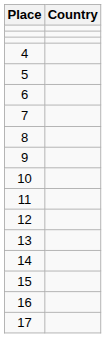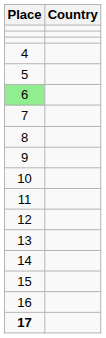 <table class="wikitable" style="font-size:95%;">
 <tr>
 <th>Place</th>
 <th>Country</th>
 </tr>
 <tr>
 <td align="center"></td>
 <td></td>
 </tr>
 <tr>
 <td align="center"></td>
 <td></td>
 </tr>
 <tr>
 <td align="center"></td>
 <td></td>
 </tr>
 <tr>
 <td align="center">4</td>
 <td></td>
 </tr>
 <tr>
 <td align="center">5</td>
 <td></td>
 </tr>
 <tr>
-<td align="center">6</td>
+<td align="center" style="background: lightgreen;">6</td>
 <td></td>
 </tr>
 <tr>
 <td align="center">7</td>
 <td></td>
 </tr>
 <tr>
 <td align="center">8</td>
 <td></td>
 </tr>
 <tr>
 <td align="center">9</td>
 <td></td>
 </tr>
 <tr>
 <td align="center">10</td>
 <td></td>
 </tr>
 <tr>
 <td align="center">11</td>
 <td></td>
 </tr>
 <tr>
 <td align="center">12</td>
 <td></td>
 </tr>
 <tr>
 <td align="center">13</td>
 <td></td>
 </tr>
 <tr>
 <td align="center">14</td>
 <td></td>
 </tr>
 <tr>
 <td align="center">15</td>
 <td></td>
 </tr>
 <tr>
 <td align="center">16</td>
 <td></td>
 </tr>
 <tr>
-<td align="center">17</td>
+<td align="center"><strong>17</strong></td>
 <td></td>
 </tr>
 </table>
